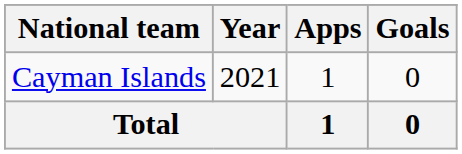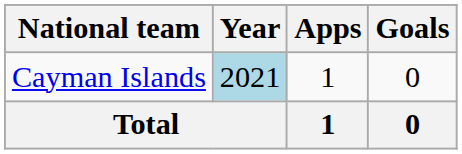 <table class="wikitable" style="text-align:center">
 <tr>
 <th>National team</th>
 <th>Year</th>
 <th>Apps</th>
 <th>Goals</th>
 </tr>
 <tr>
 <td rowspan="1"><a href='#'>Cayman Islands</a></td>
-<td>2021</td>
+<td style="background: lightblue;">2021</td>
 <td>1</td>
 <td>0</td>
 </tr>
 <tr>
 <th colspan=2>Total</th>
 <th>1</th>
 <th>0</th>
 </tr>
 </table>
